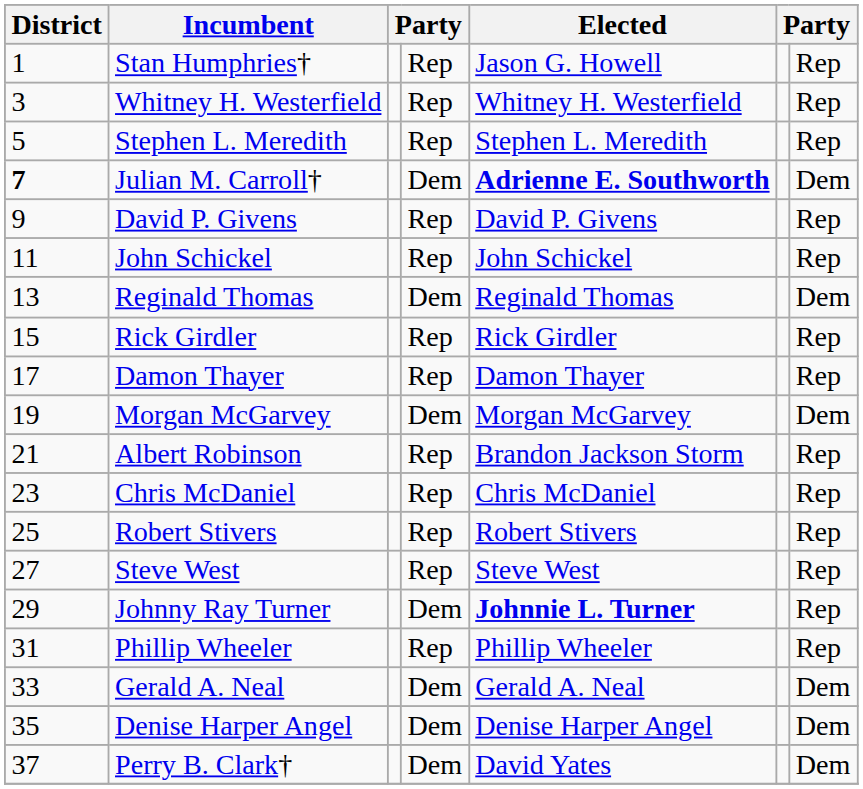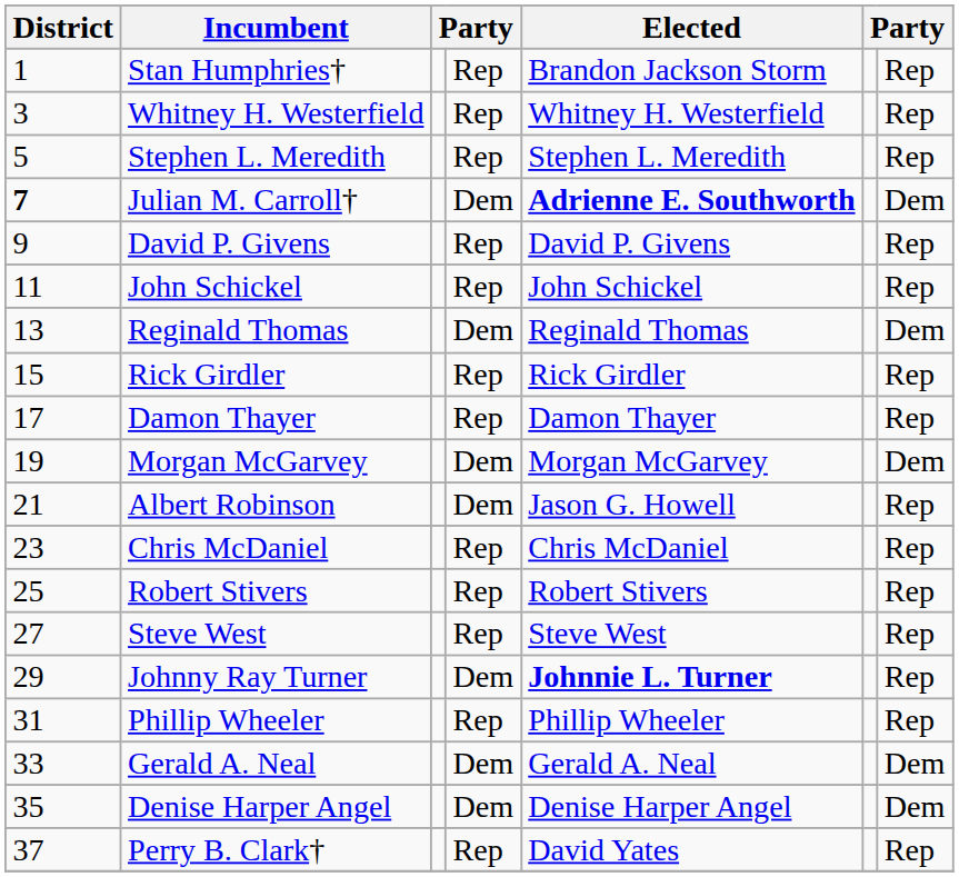 <table class="sortable wikitable" style="font-size:95%;line-height:14px;">
 <tr>
 <th class="unsortable">District</th>
 <th class="unsortable"><a href='#'>Incumbent</a></th>
 <th colspan="2">Party</th>
 <th class="unsortable">Elected</th>
 <th colspan="2">Party</th>
 </tr>
 <tr>
 <td>1</td>
 <td><a href='#'>Stan Humphries</a>†</td>
 <td style="background:"></td>
 <td>Rep</td>
-<td><a href='#'>Jason G. Howell</a></td>
+<td><a href='#'>Brandon Jackson Storm</a></td>
 <td style="background:"></td>
 <td>Rep</td>
 </tr>
 <tr>
 <td>3</td>
 <td><a href='#'>Whitney H. Westerfield</a></td>
 <td style="background:"></td>
 <td>Rep</td>
 <td><a href='#'>Whitney H. Westerfield</a></td>
 <td style="background:"></td>
 <td>Rep</td>
 </tr>
 <tr>
 <td>5</td>
 <td><a href='#'>Stephen L. Meredith</a></td>
 <td style="background:"></td>
 <td>Rep</td>
 <td><a href='#'>Stephen L. Meredith</a></td>
 <td style="background:"></td>
 <td>Rep</td>
 </tr>
 <tr>
 <td><strong>7</strong></td>
 <td><a href='#'>Julian M. Carroll</a>†</td>
 <td style="background:"></td>
 <td>Dem</td>
 <td><strong><a href='#'>Adrienne E. Southworth</a></strong></td>
 <td style="background:"></td>
 <td>Dem</td>
 </tr>
 <tr>
 <td>9</td>
 <td><a href='#'>David P. Givens</a></td>
 <td style="background:"></td>
 <td>Rep</td>
 <td><a href='#'>David P. Givens</a></td>
 <td style="background:"></td>
 <td>Rep</td>
 </tr>
 <tr>
 <td>11</td>
 <td><a href='#'>John Schickel</a></td>
 <td style="background:"></td>
 <td>Rep</td>
 <td><a href='#'>John Schickel</a></td>
 <td style="background:"></td>
 <td>Rep</td>
 </tr>
 <tr>
 <td>13</td>
 <td><a href='#'>Reginald Thomas</a></td>
 <td style="background:"></td>
 <td>Dem</td>
 <td><a href='#'>Reginald Thomas</a></td>
 <td style="background:"></td>
 <td>Dem</td>
 </tr>
 <tr>
 <td>15</td>
 <td><a href='#'>Rick Girdler</a></td>
 <td style="background:"></td>
 <td>Rep</td>
 <td><a href='#'>Rick Girdler</a></td>
 <td style="background:"></td>
 <td>Rep</td>
 </tr>
 <tr>
 <td>17</td>
 <td><a href='#'>Damon Thayer</a></td>
 <td style="background:"></td>
 <td>Rep</td>
 <td><a href='#'>Damon Thayer</a></td>
 <td style="background:"></td>
 <td>Rep</td>
 </tr>
 <tr>
 <td>19</td>
 <td><a href='#'>Morgan McGarvey</a></td>
 <td style="background:"></td>
 <td>Dem</td>
 <td><a href='#'>Morgan McGarvey</a></td>
 <td style="background:"></td>
 <td>Dem</td>
 </tr>
 <tr>
 <td>21</td>
 <td><a href='#'>Albert Robinson</a></td>
 <td style="background:"></td>
-<td>Rep</td>
-<td><a href='#'>Brandon Jackson Storm</a></td>
+<td>Dem</td>
+<td><a href='#'>Jason G. Howell</a></td>
 <td style="background:"></td>
 <td>Rep</td>
 </tr>
 <tr>
 <td>23</td>
 <td><a href='#'>Chris McDaniel</a></td>
 <td style="background:"></td>
 <td>Rep</td>
 <td><a href='#'>Chris McDaniel</a></td>
 <td style="background:"></td>
 <td>Rep</td>
 </tr>
 <tr>
 <td>25</td>
 <td><a href='#'>Robert Stivers</a></td>
 <td style="background:"></td>
 <td>Rep</td>
 <td><a href='#'>Robert Stivers</a></td>
 <td style="background:"></td>
 <td>Rep</td>
 </tr>
 <tr>
 <td>27</td>
 <td><a href='#'>Steve West</a></td>
 <td style="background:"></td>
 <td>Rep</td>
 <td><a href='#'>Steve West</a></td>
 <td style="background:"></td>
 <td>Rep</td>
 </tr>
 <tr>
 <td>29</td>
 <td><a href='#'>Johnny Ray Turner</a></td>
 <td style="background:"></td>
 <td>Dem</td>
 <td><strong><a href='#'>Johnnie L. Turner</a></strong></td>
 <td style="background:"></td>
 <td>Rep</td>
 </tr>
 <tr>
 <td>31</td>
 <td><a href='#'>Phillip Wheeler</a></td>
 <td style="background:"></td>
 <td>Rep</td>
 <td><a href='#'>Phillip Wheeler</a></td>
 <td style="background:"></td>
 <td>Rep</td>
 </tr>
 <tr>
 <td>33</td>
 <td><a href='#'>Gerald A. Neal</a></td>
 <td style="background:"></td>
 <td>Dem</td>
 <td><a href='#'>Gerald A. Neal</a></td>
 <td style="background:"></td>
 <td>Dem</td>
 </tr>
 <tr>
 <td>35</td>
 <td><a href='#'>Denise Harper Angel</a></td>
 <td style="background:"></td>
 <td>Dem</td>
 <td><a href='#'>Denise Harper Angel</a></td>
 <td style="background:"></td>
 <td>Dem</td>
 </tr>
 <tr>
 <td>37</td>
 <td><a href='#'>Perry B. Clark</a>†</td>
 <td style="background:"></td>
-<td>Dem</td>
+<td>Rep</td>
 <td><a href='#'>David Yates</a></td>
 <td style="background:"></td>
-<td>Dem</td>
+<td>Rep</td>
 </tr>
 <tr>
 </tr>
 </table>
